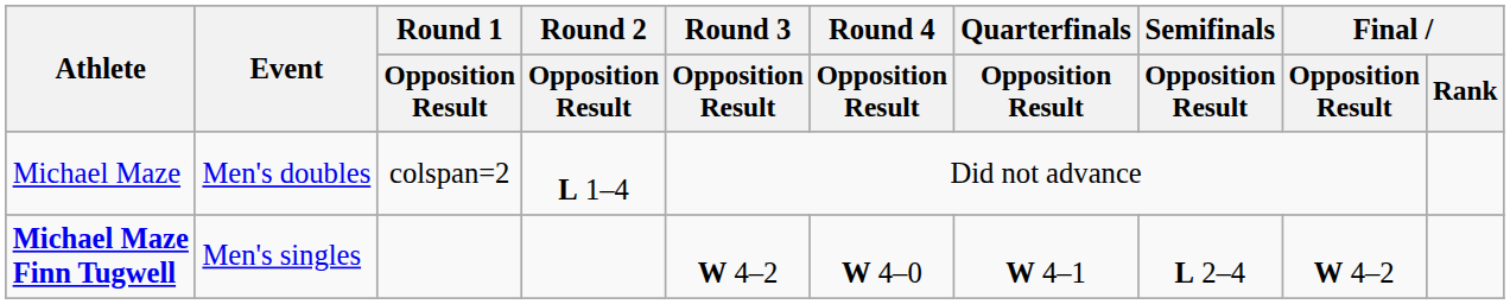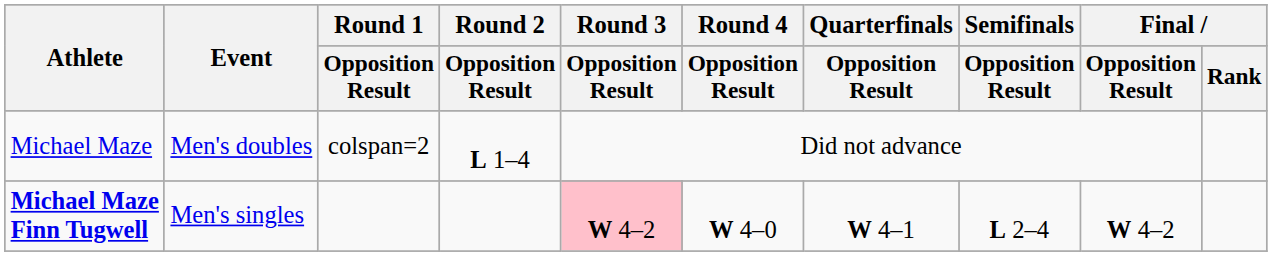 <table class="wikitable" style="font-size:90%">
 <tr>
 <th rowspan="2">Athlete</th>
 <th rowspan="2">Event</th>
 <th>Round 1</th>
 <th>Round 2</th>
 <th>Round 3</th>
 <th>Round 4</th>
 <th>Quarterfinals</th>
 <th>Semifinals</th>
 <th colspan=2>Final / </th>
 </tr>
 <tr style="font-size:95%">
 <th>Opposition<br>Result</th>
 <th>Opposition<br>Result</th>
 <th>Opposition<br>Result</th>
 <th>Opposition<br>Result</th>
 <th>Opposition<br>Result</th>
 <th>Opposition<br>Result</th>
 <th>Opposition<br>Result</th>
 <th>Rank</th>
 </tr>
 <tr align=center>
 <td align=left><a href='#'>Michael Maze</a></td>
 <td align=left><a href='#'>Men's doubles</a></td>
 <td>colspan=2 </td>
 <td><br><strong>L</strong> 1–4</td>
 <td colspan=5>Did not advance</td>
 </tr>
 <tr align=center>
 <td align=left><strong><a href='#'>Michael Maze</a><br><a href='#'>Finn Tugwell</a></strong></td>
 <td align=left><a href='#'>Men's singles</a></td>
 <td></td>
 <td></td>
-<td><br><strong>W</strong> 4–2</td>
+<td style="background: pink;"><br><strong>W</strong> 4–2</td>
 <td><br><strong>W</strong> 4–0</td>
 <td><br><strong>W</strong> 4–1</td>
 <td><br><strong>L</strong> 2–4</td>
 <td><br><strong>W</strong> 4–2</td>
 <td></td>
 </tr>
 </table>
